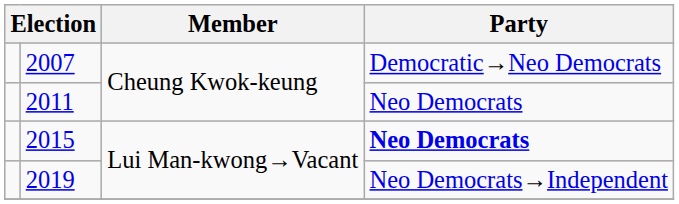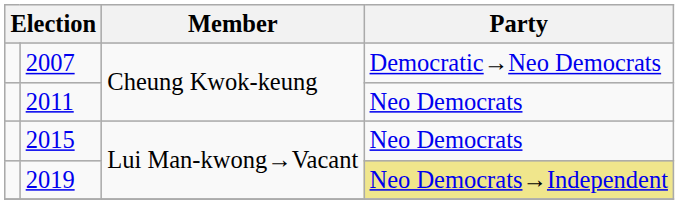 <table class="wikitable">
 <tr>
 <th colspan="2">Election</th>
 <th>Member</th>
 <th>Party</th>
 </tr>
 <tr>
 <td style="background-color: "></td>
 <td><a href='#'>2007</a></td>
 <td rowspan=2>Cheung Kwok-keung</td>
 <td><a href='#'>Democratic</a>→<a href='#'>Neo Democrats</a></td>
 </tr>
 <tr>
 <td style="background-color: "></td>
 <td><a href='#'>2011</a></td>
 <td><a href='#'>Neo Democrats</a></td>
 </tr>
 <tr>
 <td style="background-color: "></td>
 <td><a href='#'>2015</a></td>
 <td rowspan=2>Lui Man-kwong→Vacant</td>
-<td><strong><a href='#'>Neo Democrats</a></strong></td>
+<td><a href='#'>Neo Democrats</a></td>
 </tr>
 <tr>
 <td style="background-color: "></td>
 <td><a href='#'>2019</a></td>
-<td><a href='#'>Neo Democrats</a>→<a href='#'>Independent</a></td>
+<td style="background: khaki;"><a href='#'>Neo Democrats</a>→<a href='#'>Independent</a></td>
 </tr>
 <tr>
 </tr>
 </table>
